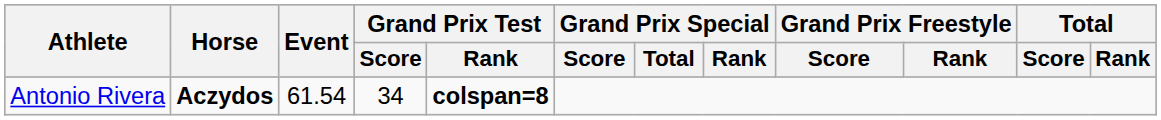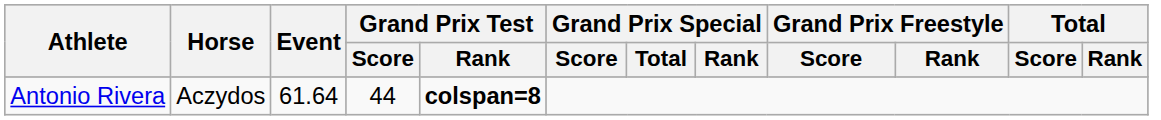 <table class=wikitable style=font-size:90%;text-align:center>
 <tr>
 <th rowspan=2>Athlete</th>
 <th rowspan=2>Horse</th>
 <th rowspan=2>Event</th>
 <th colspan=2>Grand Prix Test</th>
 <th colspan=3>Grand Prix Special</th>
 <th colspan=2>Grand Prix Freestyle</th>
 <th colspan=2>Total</th>
 </tr>
 <tr style=font-size:95%>
 <th>Score</th>
 <th>Rank</th>
 <th>Score</th>
 <th>Total</th>
 <th>Rank</th>
 <th>Score</th>
 <th>Rank</th>
 <th>Score</th>
 <th>Rank</th>
 </tr>
 <tr>
 <td align=left><a href='#'>Antonio Rivera</a></td>
-<td align=left><strong>Aczydos</strong></td>
-<td>61.54</td>
-<td>34</td>
+<td align=left>Aczydos</td>
+<td>61.64</td>
+<td>44</td>
 <td><strong>colspan=8 </strong></td>
 </tr>
 </table>
